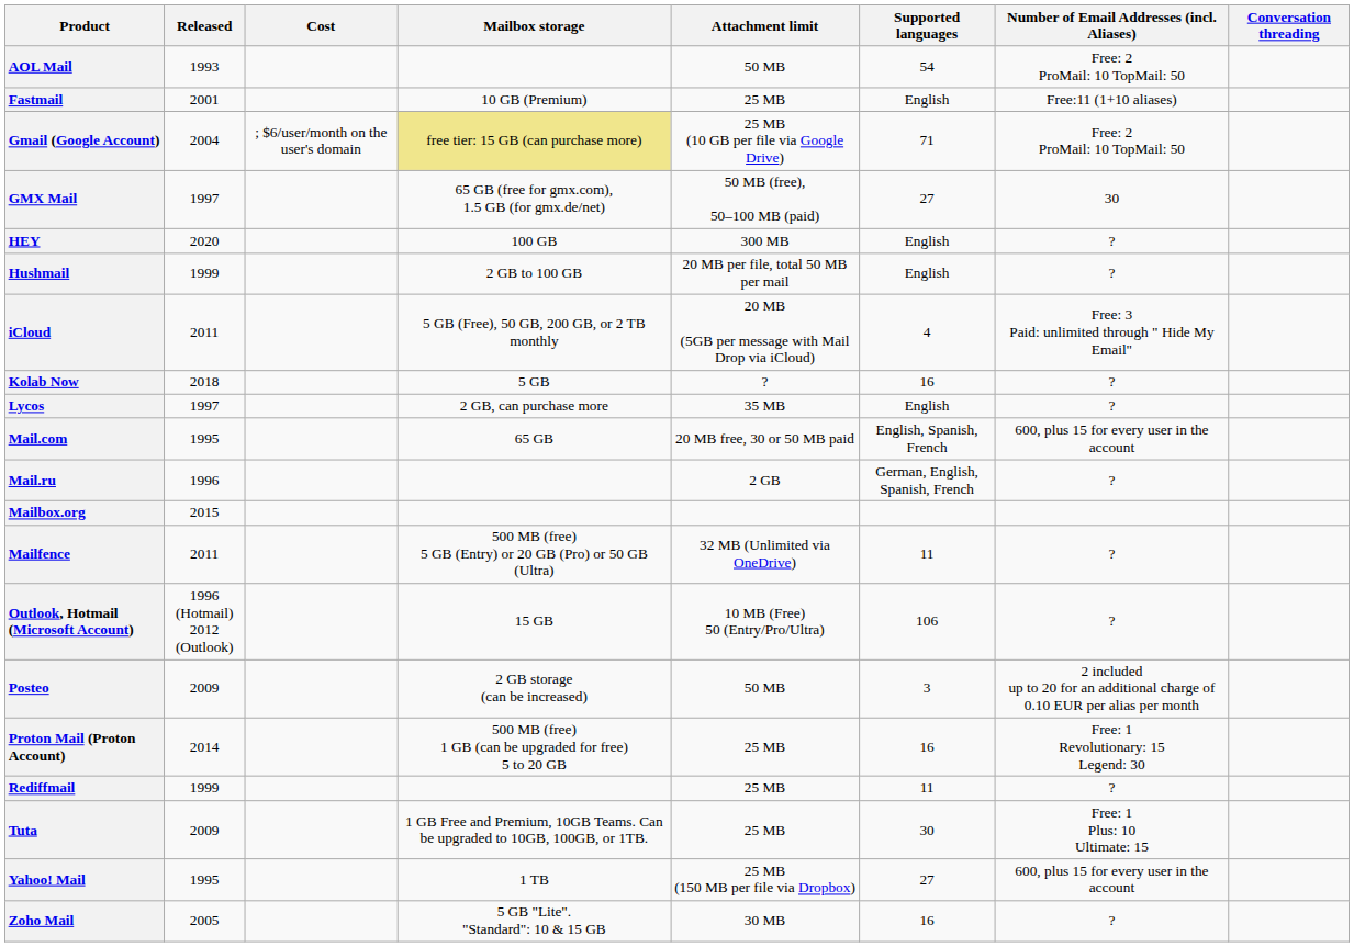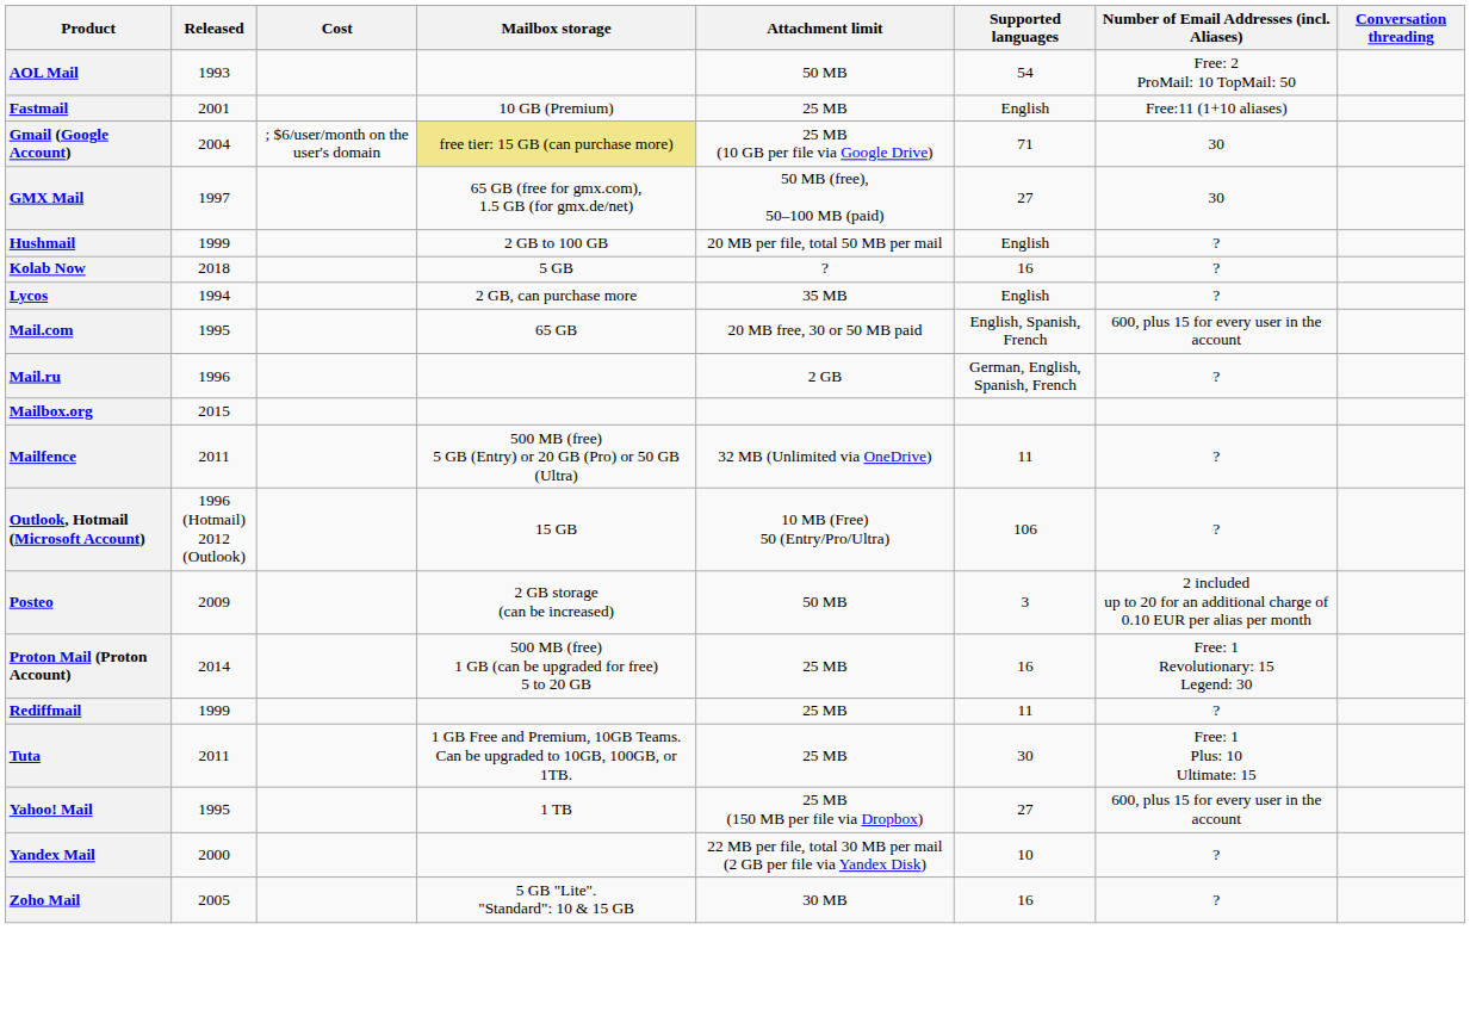 <table class="wikitable sortable sort-under mw-datatable sticky-header" style="font-size:85%; text-align:center;">
 <tr>
 <th>Product</th>
 <th>Released</th>
 <th>Cost</th>
 <th>Mailbox storage</th>
 <th>Attachment limit</th>
 <th>Supported languages</th>
 <th>Number of Email Addresses (incl. Aliases)</th>
 <th><a href='#'>Conversation threading</a></th>
 </tr>
 <tr>
 <th style="text-align:left;"><a href='#'>AOL Mail</a></th>
 <td>1993</td>
 <td></td>
 <td></td>
 <td>50 MB</td>
 <td>54</td>
 <td>Free: 2<br>ProMail: 10 TopMail: 50</td>
 <td></td>
 </tr>
 <tr>
 <th style="text-align:left;"><a href='#'>Fastmail</a></th>
 <td>2001<br></td>
 <td></td>
 <td>10 GB (Premium)<br></td>
 <td>25 MB</td>
 <td>English<br></td>
 <td>Free:11 (1+10 aliases)</td>
 <td></td>
 </tr>
 <tr>
 <th style="text-align:left;"><a href='#'>Gmail</a> (<a href='#'>Google Account</a>)</th>
 <td>2004<br></td>
 <td>; $6/user/month on the user's domain</td>
 <td style="background: khaki;">free tier: 15 GB (can purchase more)</td>
 <td>25 MB<br>(10 GB per file via <a href='#'>Google Drive</a>)</td>
 <td>71<br></td>
-<td>Free: 2<br>ProMail: 10 TopMail: 50</td>
+<td>30</td>
 <td></td>
 </tr>
 <tr>
 <th style="text-align:left;"><a href='#'>GMX Mail</a></th>
 <td>1997<br></td>
 <td></td>
 <td>65 GB (free for gmx.com),<br> 1.5 GB (for gmx.de/net)</td>
 <td>50 MB (free),<br><br> 50–100 MB (paid)</td>
 <td>27<br></td>
 <td>30</td>
 <td></td>
 </tr>
 <tr>
-<th style="text-align:left;"><a href='#'>HEY</a><br></th>
-<td>2020<br></td>
-<td></td>
-<td>100 GB</td>
-<td>300 MB </td>
-<td>English<br></td>
-<td>?</td>
-<td></td>
-</tr>
-<tr>
 <th style="text-align:left;"><a href='#'>Hushmail</a></th>
 <td>1999<br></td>
 <td></td>
 <td>2 GB to 100 GB</td>
 <td>20 MB per file, total 50 MB per mail</td>
 <td>English<br></td>
 <td>?</td>
-<td></td>
-</tr>
-<tr>
-<th style="text-align:left;"><a href='#'>iCloud</a></th>
-<td>2011<br></td>
-<td></td>
-<td>5 GB (Free), 50 GB, 200 GB, or 2 TB monthly<br></td>
-<td>20 MB<br><br>(5GB per message with Mail Drop via iCloud)</td>
-<td>4<br></td>
-<td>Free: 3<br>Paid: unlimited through " Hide My Email"</td>
 <td></td>
 </tr>
 <tr>
 <th style="text-align:left;"><a href='#'>Kolab Now</a></th>
 <td>2018<br></td>
 <td></td>
 <td>5 GB<br></td>
 <td>?</td>
 <td>16<br></td>
 <td>?</td>
 <td></td>
 </tr>
 <tr>
 <th style="text-align:left;"><a href='#'>Lycos</a></th>
-<td>1997<br></td>
+<td>1994<br></td>
 <td></td>
 <td>2 GB, can purchase more</td>
 <td>35 MB<br></td>
 <td>English<br></td>
 <td>?</td>
 <td></td>
 </tr>
 <tr>
 <th style="text-align:left;"><a href='#'>Mail.com</a></th>
 <td>1995</td>
 <td></td>
 <td> 65 GB<br></td>
 <td>20 MB free, 30 or 50 MB paid<br></td>
 <td>English, Spanish, French<br></td>
 <td>600, plus 15 for every user in the account</td>
 <td></td>
 </tr>
 <tr>
 <th style="text-align:left;"><a href='#'>Mail.ru</a></th>
 <td>1996</td>
 <td></td>
 <td><br></td>
 <td>2 GB<br></td>
 <td>German, English, Spanish, French<br></td>
 <td>?</td>
 <td></td>
 </tr>
 <tr>
 <th style="text-align:left;"><a href='#'>Mailbox.org</a></th>
 <td>2015</td>
 <td></td>
 <td></td>
 <td></td>
 <td></td>
 <td></td>
 <td></td>
 </tr>
 <tr>
 <th style="text-align:left;"><a href='#'>Mailfence</a></th>
 <td>2011</td>
 <td></td>
 <td>500  MB (free)<br>5 GB (Entry) or 20 GB (Pro) or 50 GB (Ultra)</td>
 <td>32 MB (Unlimited via <a href='#'>OneDrive</a>)<br></td>
 <td>11</td>
 <td>?</td>
 <td></td>
 </tr>
 <tr>
 <th style="text-align:left;"><a href='#'>Outlook</a>, Hotmail (<a href='#'>Microsoft Account</a>) </th>
 <td>1996 (Hotmail)<br>2012 (Outlook)<br></td>
 <td></td>
 <td>15 GB</td>
 <td>10 MB (Free)<br> 50 (Entry/Pro/Ultra)<br></td>
 <td>106<br></td>
 <td>?</td>
 <td></td>
 </tr>
 <tr>
 <th style="text-align:left;"><a href='#'>Posteo</a></th>
 <td>2009</td>
 <td></td>
 <td>2 GB storage<br>(can be increased)</td>
 <td>50 MB</td>
 <td>3</td>
 <td>2 included<br>up to 20 for an additional charge of 0.10 EUR per alias per month</td>
 <td></td>
 </tr>
 <tr>
 <th style="text-align:left;"><a href='#'>Proton Mail</a> (Proton Account)</th>
 <td>2014<br></td>
 <td></td>
 <td>500 MB (free)<br>1 GB (can be upgraded for free)<br>5 to 20 GB</td>
 <td>25 MB<br></td>
 <td>16<br></td>
 <td>Free: 1<br>Revolutionary: 15<br>Legend: 30</td>
 <td></td>
 </tr>
 <tr>
 <th style="text-align:left;"><a href='#'>Rediffmail</a></th>
 <td>1999<br></td>
 <td></td>
 <td><br></td>
 <td>25 MB<br></td>
 <td>11<br></td>
 <td>?</td>
 <td></td>
 </tr>
 <tr>
 <th style="text-align:left;"><a href='#'>Tuta</a></th>
-<td>2009<br></td>
+<td>2011<br></td>
 <td></td>
 <td>1 GB Free and Premium, 10GB Teams. Can be upgraded to 10GB, 100GB, or 1TB.<br></td>
 <td>25 MB<br></td>
 <td>30<br></td>
 <td>Free: 1<br>Plus: 10<br>Ultimate: 15</td>
 <td></td>
 </tr>
 <tr>
 <th style="text-align:left;"><a href='#'>Yahoo! Mail</a></th>
 <td>1995 </td>
 <td></td>
 <td>1 TB</td>
 <td>25 MB<br>(150 MB per file via <a href='#'>Dropbox</a>)</td>
 <td>27<br></td>
 <td>600, plus 15 for every user in the account</td>
 <td></td>
 </tr>
 <tr>
+<th style="text-align:left;"><a href='#'>Yandex Mail</a></th>
+<td>2000</td>
+<td></td>
+<td></td>
+<td>22 MB per file, total 30 MB per mail (2 GB per file via <a href='#'>Yandex Disk</a>)</td>
+<td>10<br></td>
+<td>?</td>
+<td></td>
+</tr>
+<tr>
 <th style="text-align:left;"><a href='#'>Zoho Mail</a></th>
 <td>2005<br></td>
 <td></td>
 <td>5 GB "Lite".<br>"Standard": 10 & 15 GB<br></td>
 <td> 30 MB<br></td>
 <td>16<br></td>
 <td>?</td>
 <td></td>
 </tr>
 </table>
